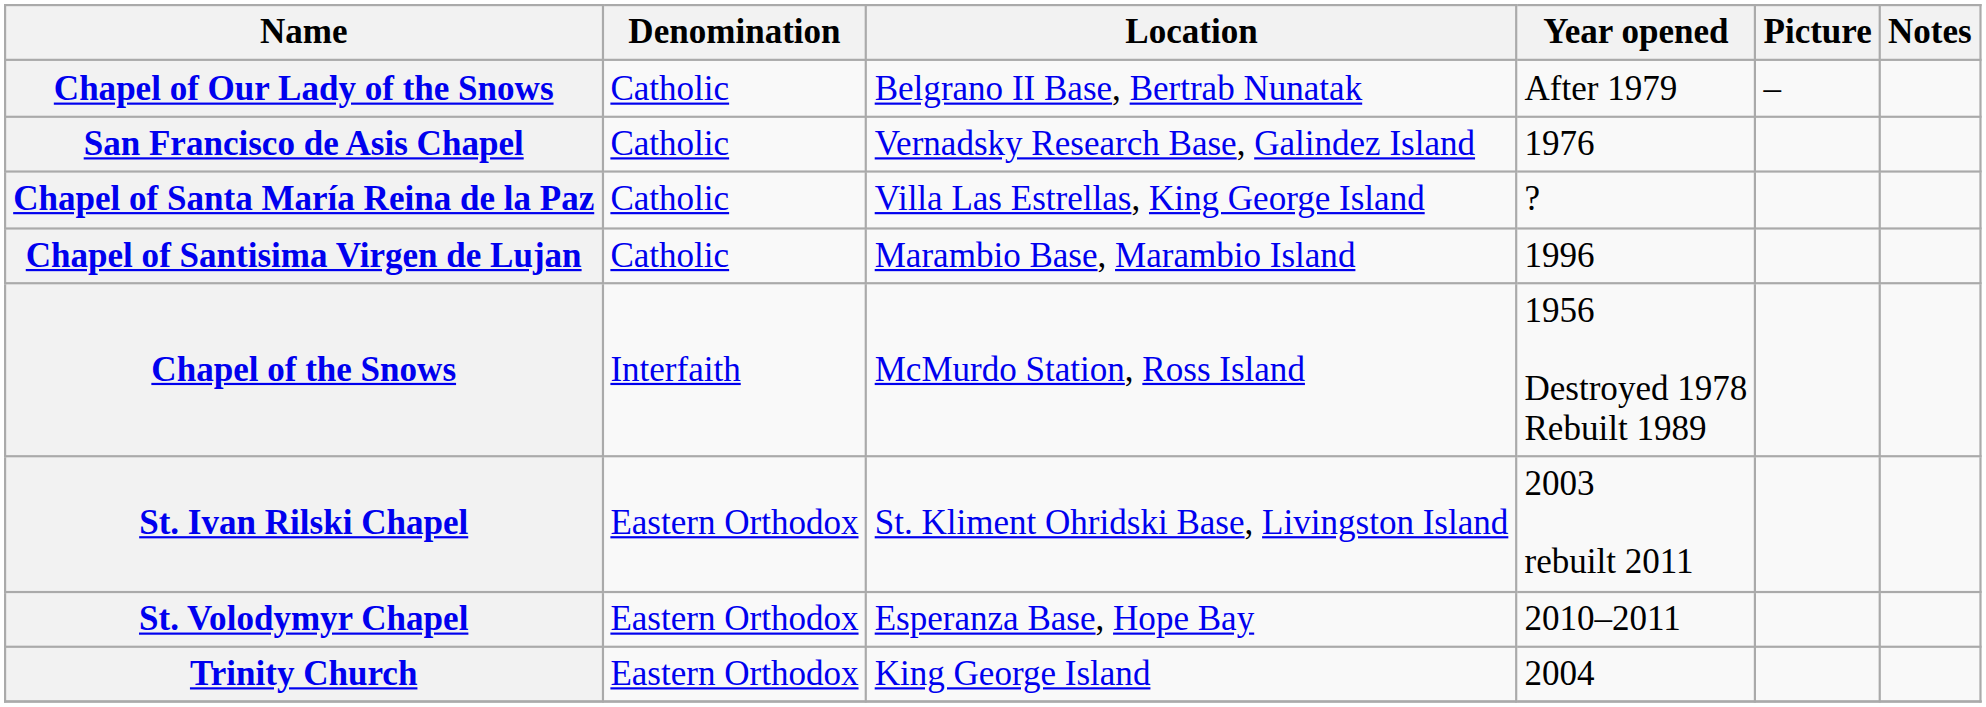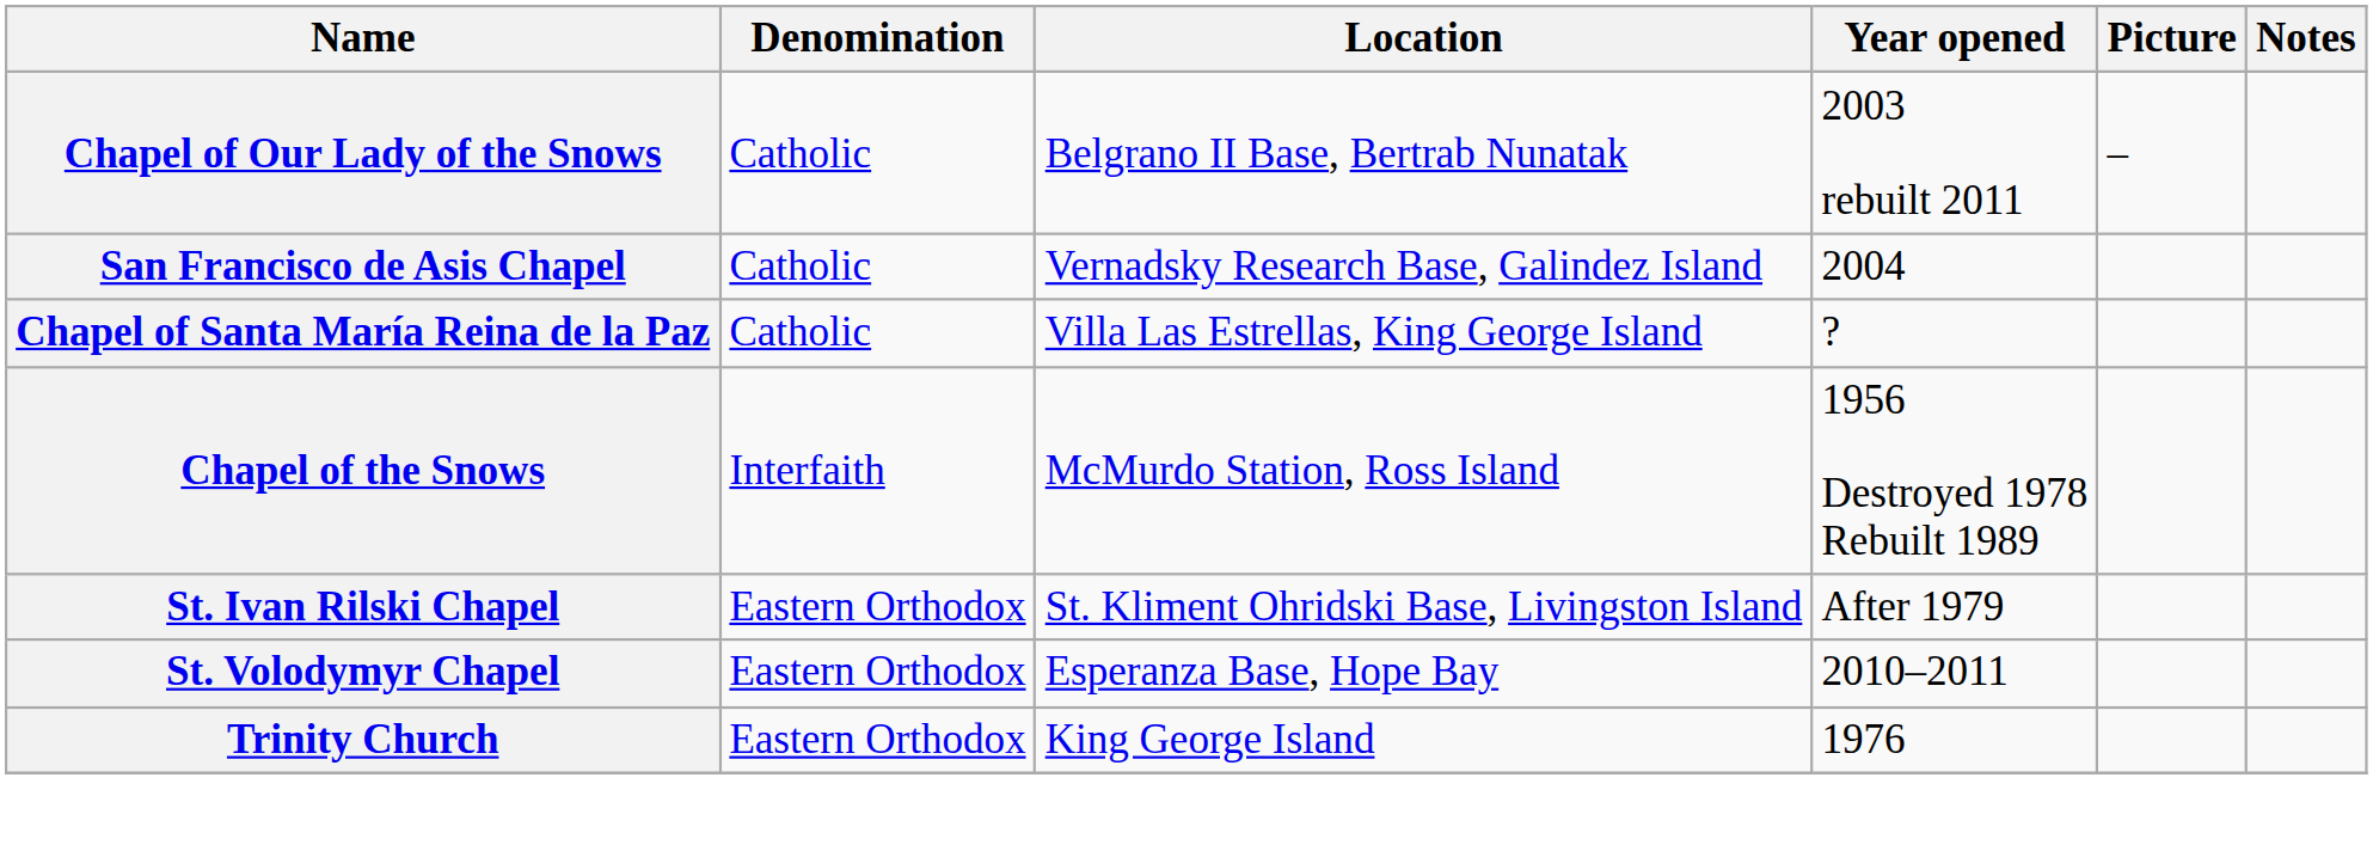 <table class="wikitable sortable plainrowheaders">
 <tr>
 <th scope="col">Name</th>
 <th scope="col">Denomination</th>
 <th scope="col">Location</th>
 <th scope="col" class="unsortable">Year opened</th>
 <th scope="col" class="unsortable">Picture</th>
 <th scope="col" class="unsortable">Notes</th>
 </tr>
 <tr>
 <th scope="row"><a href='#'>Chapel of Our Lady of the Snows</a></th>
 <td><a href='#'>Catholic</a></td>
 <td><a href='#'>Belgrano II Base</a>, <a href='#'>Bertrab Nunatak</a></td>
-<td>After 1979</td>
+<td>2003<br><br>rebuilt 2011</td>
 <td>–</td>
 <td></td>
 </tr>
 <tr>
 <th scope="row"><a href='#'>San Francisco de Asis Chapel</a></th>
 <td><a href='#'>Catholic</a></td>
 <td><a href='#'>Vernadsky Research Base</a>, <a href='#'>Galindez Island</a></td>
-<td>1976</td>
+<td>2004</td>
 <td></td>
 <td></td>
 </tr>
 <tr>
 <th scope="row"><a href='#'>Chapel of Santa María Reina de la Paz</a></th>
 <td><a href='#'>Catholic</a></td>
 <td><a href='#'>Villa Las Estrellas</a>, <a href='#'>King George Island</a></td>
 <td>?</td>
-<td></td>
-<td></td>
-</tr>
-<tr>
-<th scope="row"><a href='#'>Chapel of Santisima Virgen de Lujan</a></th>
-<td><a href='#'>Catholic</a></td>
-<td><a href='#'>Marambio Base</a>, <a href='#'>Marambio Island</a></td>
-<td>1996</td>
 <td></td>
 <td></td>
 </tr>
 <tr>
 <th scope="row"><a href='#'>Chapel of the Snows</a></th>
 <td><a href='#'>Interfaith</a></td>
 <td><a href='#'>McMurdo Station</a>, <a href='#'>Ross Island</a></td>
 <td>1956<br><br>Destroyed 1978<br> Rebuilt 1989</td>
 <td></td>
 <td></td>
 </tr>
 <tr>
 <th scope="row"><a href='#'>St. Ivan Rilski Chapel</a></th>
 <td><a href='#'>Eastern Orthodox</a></td>
 <td><a href='#'>St. Kliment Ohridski Base</a>, <a href='#'>Livingston Island</a></td>
-<td>2003<br><br>rebuilt 2011</td>
+<td>After 1979</td>
 <td></td>
 <td></td>
 </tr>
 <tr>
 <th scope="row"><a href='#'>St. Volodymyr Chapel</a></th>
 <td><a href='#'>Eastern Orthodox</a></td>
 <td><a href='#'>Esperanza Base</a>, <a href='#'>Hope Bay</a></td>
 <td>2010–2011</td>
 <td></td>
 <td></td>
 </tr>
 <tr>
 <th scope="row"><a href='#'>Trinity Church</a></th>
 <td><a href='#'>Eastern Orthodox</a></td>
 <td><a href='#'>King George Island</a></td>
-<td>2004</td>
+<td>1976</td>
 <td></td>
 <td></td>
 </tr>
 <tr>
 </tr>
 </table>
